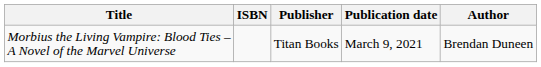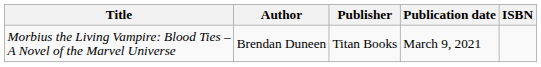 <table class="wikitable">
 <tr>
 <th>Title</th>
-<th>ISBN</th>
+<th>Author</th>
 <th>Publisher</th>
 <th>Publication date</th>
-<th>Author</th>
+<th>ISBN</th>
 </tr>
 <tr>
 <td><em>Morbius the Living Vampire: Blood Ties –<br>A Novel of the Marvel Universe</em></td>
-<td></td>
+<td>Brendan Duneen</td>
 <td>Titan Books</td>
 <td>March 9, 2021</td>
-<td>Brendan Duneen</td>
+<td></td>
 </tr>
 </table>
